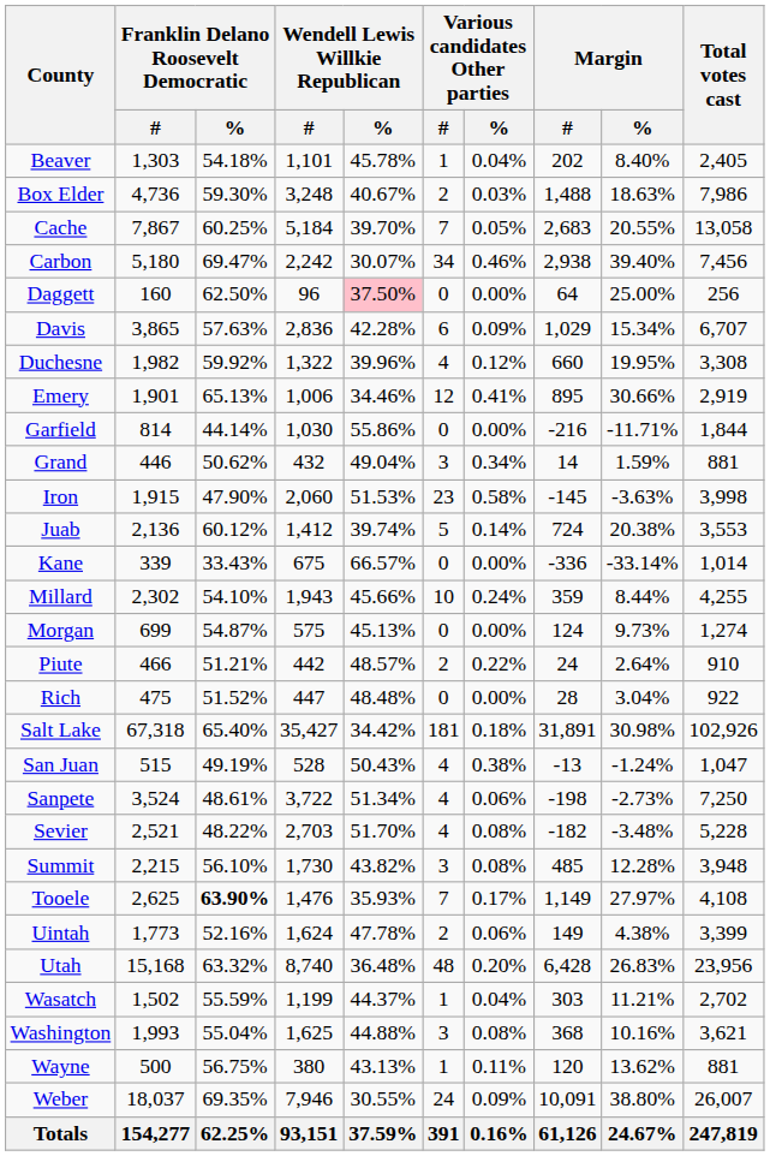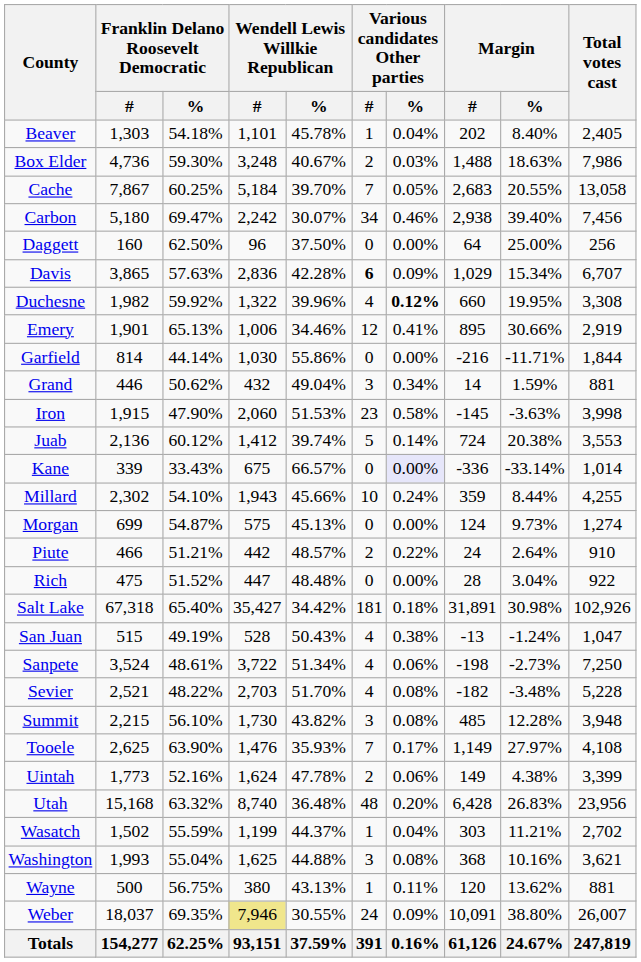 <table width="65%"  class="wikitable sortable" style="text-align:center">
 <tr>
 <th colspan="1" rowspan="2">County</th>
 <th style="text-align:center;" colspan="2">Franklin Delano Roosevelt<br>Democratic</th>
 <th style="text-align:center;" colspan="2">Wendell Lewis Willkie<br>Republican</th>
 <th style="text-align:center;" colspan="2">Various candidates<br>Other parties</th>
 <th style="text-align:center;" colspan="2">Margin</th>
 <th colspan="1" rowspan="2" style="text-align:center;">Total votes cast</th>
 </tr>
 <tr>
 <th style="text-align:center;" data-sort-type="number">#</th>
 <th style="text-align:center;" data-sort-type="number">%</th>
 <th style="text-align:center;" data-sort-type="number">#</th>
 <th style="text-align:center;" data-sort-type="number">%</th>
 <th style="text-align:center;" data-sort-type="number">#</th>
 <th style="text-align:center;" data-sort-type="number">%</th>
 <th style="text-align:center;" data-sort-type="number">#</th>
 <th style="text-align:center;" data-sort-type="number">%</th>
 </tr>
 <tr style="text-align:center;">
 <td><a href='#'>Beaver</a></td>
 <td>1,303</td>
 <td>54.18%</td>
 <td>1,101</td>
 <td>45.78%</td>
 <td>1</td>
 <td>0.04%</td>
 <td>202</td>
 <td>8.40%</td>
 <td>2,405</td>
 </tr>
 <tr style="text-align:center;">
 <td><a href='#'>Box Elder</a></td>
 <td>4,736</td>
 <td>59.30%</td>
 <td>3,248</td>
 <td>40.67%</td>
 <td>2</td>
 <td>0.03%</td>
 <td>1,488</td>
 <td>18.63%</td>
 <td>7,986</td>
 </tr>
 <tr style="text-align:center;">
 <td><a href='#'>Cache</a></td>
 <td>7,867</td>
 <td>60.25%</td>
 <td>5,184</td>
 <td>39.70%</td>
 <td>7</td>
 <td>0.05%</td>
 <td>2,683</td>
 <td>20.55%</td>
 <td>13,058</td>
 </tr>
 <tr style="text-align:center;">
 <td><a href='#'>Carbon</a></td>
 <td>5,180</td>
 <td>69.47%</td>
 <td>2,242</td>
 <td>30.07%</td>
 <td>34</td>
 <td>0.46%</td>
 <td>2,938</td>
 <td>39.40%</td>
 <td>7,456</td>
 </tr>
 <tr style="text-align:center;">
 <td><a href='#'>Daggett</a></td>
 <td>160</td>
 <td>62.50%</td>
 <td>96</td>
-<td style="background: pink;">37.50%</td>
+<td>37.50%</td>
 <td>0</td>
 <td>0.00%</td>
 <td>64</td>
 <td>25.00%</td>
 <td>256</td>
 </tr>
 <tr style="text-align:center;">
 <td><a href='#'>Davis</a></td>
 <td>3,865</td>
 <td>57.63%</td>
 <td>2,836</td>
 <td>42.28%</td>
-<td>6</td>
+<td><strong>6</strong></td>
 <td>0.09%</td>
 <td>1,029</td>
 <td>15.34%</td>
 <td>6,707</td>
 </tr>
 <tr style="text-align:center;">
 <td><a href='#'>Duchesne</a></td>
 <td>1,982</td>
 <td>59.92%</td>
 <td>1,322</td>
 <td>39.96%</td>
 <td>4</td>
-<td>0.12%</td>
+<td><strong>0.12%</strong></td>
 <td>660</td>
 <td>19.95%</td>
 <td>3,308</td>
 </tr>
 <tr style="text-align:center;">
 <td><a href='#'>Emery</a></td>
 <td>1,901</td>
 <td>65.13%</td>
 <td>1,006</td>
 <td>34.46%</td>
 <td>12</td>
 <td>0.41%</td>
 <td>895</td>
 <td>30.66%</td>
 <td>2,919</td>
 </tr>
 <tr style="text-align:center;">
 <td><a href='#'>Garfield</a></td>
 <td>814</td>
 <td>44.14%</td>
 <td>1,030</td>
 <td>55.86%</td>
 <td>0</td>
 <td>0.00%</td>
 <td>-216</td>
 <td>-11.71%</td>
 <td>1,844</td>
 </tr>
 <tr style="text-align:center;">
 <td><a href='#'>Grand</a></td>
 <td>446</td>
 <td>50.62%</td>
 <td>432</td>
 <td>49.04%</td>
 <td>3</td>
 <td>0.34%</td>
 <td>14</td>
 <td>1.59%</td>
 <td>881</td>
 </tr>
 <tr style="text-align:center;">
 <td><a href='#'>Iron</a></td>
 <td>1,915</td>
 <td>47.90%</td>
 <td>2,060</td>
 <td>51.53%</td>
 <td>23</td>
 <td>0.58%</td>
 <td>-145</td>
 <td>-3.63%</td>
 <td>3,998</td>
 </tr>
 <tr style="text-align:center;">
 <td><a href='#'>Juab</a></td>
 <td>2,136</td>
 <td>60.12%</td>
 <td>1,412</td>
 <td>39.74%</td>
 <td>5</td>
 <td>0.14%</td>
 <td>724</td>
 <td>20.38%</td>
 <td>3,553</td>
 </tr>
 <tr style="text-align:center;">
 <td><a href='#'>Kane</a></td>
 <td>339</td>
 <td>33.43%</td>
 <td>675</td>
 <td>66.57%</td>
 <td>0</td>
-<td>0.00%</td>
+<td style="background: lavender;">0.00%</td>
 <td>-336</td>
 <td>-33.14%</td>
 <td>1,014</td>
 </tr>
 <tr style="text-align:center;">
 <td><a href='#'>Millard</a></td>
 <td>2,302</td>
 <td>54.10%</td>
 <td>1,943</td>
 <td>45.66%</td>
 <td>10</td>
 <td>0.24%</td>
 <td>359</td>
 <td>8.44%</td>
 <td>4,255</td>
 </tr>
 <tr style="text-align:center;">
 <td><a href='#'>Morgan</a></td>
 <td>699</td>
 <td>54.87%</td>
 <td>575</td>
 <td>45.13%</td>
 <td>0</td>
 <td>0.00%</td>
 <td>124</td>
 <td>9.73%</td>
 <td>1,274</td>
 </tr>
 <tr style="text-align:center;">
 <td><a href='#'>Piute</a></td>
 <td>466</td>
 <td>51.21%</td>
 <td>442</td>
 <td>48.57%</td>
 <td>2</td>
 <td>0.22%</td>
 <td>24</td>
 <td>2.64%</td>
 <td>910</td>
 </tr>
 <tr style="text-align:center;">
 <td><a href='#'>Rich</a></td>
 <td>475</td>
 <td>51.52%</td>
 <td>447</td>
 <td>48.48%</td>
 <td>0</td>
 <td>0.00%</td>
 <td>28</td>
 <td>3.04%</td>
 <td>922</td>
 </tr>
 <tr style="text-align:center;">
 <td><a href='#'>Salt Lake</a></td>
 <td>67,318</td>
 <td>65.40%</td>
 <td>35,427</td>
 <td>34.42%</td>
 <td>181</td>
 <td>0.18%</td>
 <td>31,891</td>
 <td>30.98%</td>
 <td>102,926</td>
 </tr>
 <tr style="text-align:center;">
 <td><a href='#'>San Juan</a></td>
 <td>515</td>
 <td>49.19%</td>
 <td>528</td>
 <td>50.43%</td>
 <td>4</td>
 <td>0.38%</td>
 <td>-13</td>
 <td>-1.24%</td>
 <td>1,047</td>
 </tr>
 <tr style="text-align:center;">
 <td><a href='#'>Sanpete</a></td>
 <td>3,524</td>
 <td>48.61%</td>
 <td>3,722</td>
 <td>51.34%</td>
 <td>4</td>
 <td>0.06%</td>
 <td>-198</td>
 <td>-2.73%</td>
 <td>7,250</td>
 </tr>
 <tr style="text-align:center;">
 <td><a href='#'>Sevier</a></td>
 <td>2,521</td>
 <td>48.22%</td>
 <td>2,703</td>
 <td>51.70%</td>
 <td>4</td>
 <td>0.08%</td>
 <td>-182</td>
 <td>-3.48%</td>
 <td>5,228</td>
 </tr>
 <tr style="text-align:center;">
 <td><a href='#'>Summit</a></td>
 <td>2,215</td>
 <td>56.10%</td>
 <td>1,730</td>
 <td>43.82%</td>
 <td>3</td>
 <td>0.08%</td>
 <td>485</td>
 <td>12.28%</td>
 <td>3,948</td>
 </tr>
 <tr style="text-align:center;">
 <td><a href='#'>Tooele</a></td>
 <td>2,625</td>
-<td><strong>63.90%</strong></td>
+<td>63.90%</td>
 <td>1,476</td>
 <td>35.93%</td>
 <td>7</td>
 <td>0.17%</td>
 <td>1,149</td>
 <td>27.97%</td>
 <td>4,108</td>
 </tr>
 <tr style="text-align:center;">
 <td><a href='#'>Uintah</a></td>
 <td>1,773</td>
 <td>52.16%</td>
 <td>1,624</td>
 <td>47.78%</td>
 <td>2</td>
 <td>0.06%</td>
 <td>149</td>
 <td>4.38%</td>
 <td>3,399</td>
 </tr>
 <tr style="text-align:center;">
 <td><a href='#'>Utah</a></td>
 <td>15,168</td>
 <td>63.32%</td>
 <td>8,740</td>
 <td>36.48%</td>
 <td>48</td>
 <td>0.20%</td>
 <td>6,428</td>
 <td>26.83%</td>
 <td>23,956</td>
 </tr>
 <tr style="text-align:center;">
 <td><a href='#'>Wasatch</a></td>
 <td>1,502</td>
 <td>55.59%</td>
 <td>1,199</td>
 <td>44.37%</td>
 <td>1</td>
 <td>0.04%</td>
 <td>303</td>
 <td>11.21%</td>
 <td>2,702</td>
 </tr>
 <tr style="text-align:center;">
 <td><a href='#'>Washington</a></td>
 <td>1,993</td>
 <td>55.04%</td>
 <td>1,625</td>
 <td>44.88%</td>
 <td>3</td>
 <td>0.08%</td>
 <td>368</td>
 <td>10.16%</td>
 <td>3,621</td>
 </tr>
 <tr style="text-align:center;">
 <td><a href='#'>Wayne</a></td>
 <td>500</td>
 <td>56.75%</td>
 <td>380</td>
 <td>43.13%</td>
 <td>1</td>
 <td>0.11%</td>
 <td>120</td>
 <td>13.62%</td>
 <td>881</td>
 </tr>
 <tr style="text-align:center;">
 <td><a href='#'>Weber</a></td>
 <td>18,037</td>
 <td>69.35%</td>
-<td>7,946</td>
+<td style="background: khaki;">7,946</td>
 <td>30.55%</td>
 <td>24</td>
 <td>0.09%</td>
 <td>10,091</td>
 <td>38.80%</td>
 <td>26,007</td>
 </tr>
 <tr style="text-align:center;">
 <th>Totals</th>
 <th>154,277</th>
 <th>62.25%</th>
 <th>93,151</th>
 <th>37.59%</th>
 <th>391</th>
 <th>0.16%</th>
 <th>61,126</th>
 <th>24.67%</th>
 <th>247,819</th>
 </tr>
 </table>
